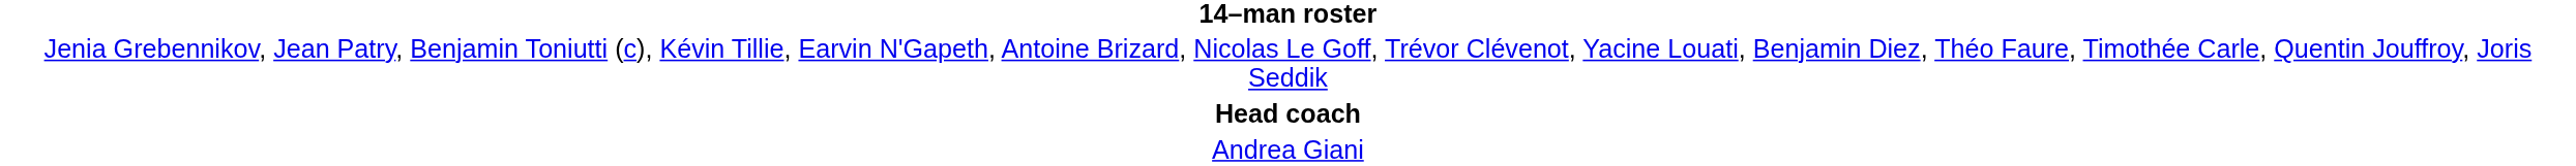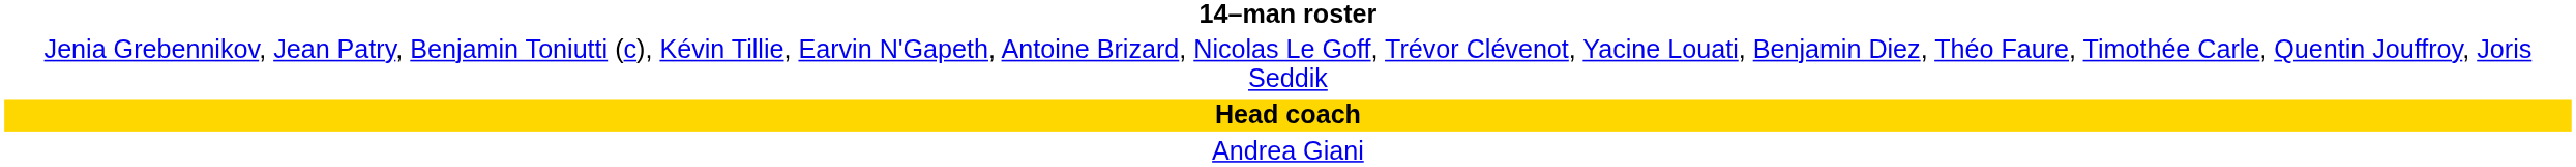 <table style="text-align:center; margin-top:2em; margin-left:auto; margin-right:auto">
 <tr>
 <td><strong>14–man roster</strong></td>
 </tr>
 <tr>
 <td><a href='#'>Jenia Grebennikov</a>, <a href='#'>Jean Patry</a>, <a href='#'>Benjamin Toniutti</a> (<a href='#'>c</a>), <a href='#'>Kévin Tillie</a>, <a href='#'>Earvin N'Gapeth</a>, <a href='#'>Antoine Brizard</a>, <a href='#'>Nicolas Le Goff</a>, <a href='#'>Trévor Clévenot</a>, <a href='#'>Yacine Louati</a>, <a href='#'>Benjamin Diez</a>, <a href='#'>Théo Faure</a>, <a href='#'>Timothée Carle</a>, <a href='#'>Quentin Jouffroy</a>, <a href='#'>Joris Seddik</a></td>
 </tr>
 <tr>
-<td><strong>Head coach</strong></td>
+<td style="background: gold;"><strong>Head coach</strong></td>
 </tr>
 <tr>
 <td> <a href='#'>Andrea Giani</a></td>
 </tr>
 </table>
